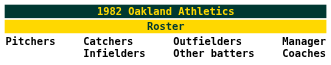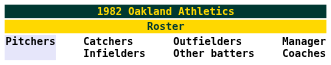 <table class="toccolours" style="font-size: 95%;">
 <tr>
 <th colspan="10" style="background-color: #003831; color: #FFD800; text-align: center;">1982 Oakland Athletics</th>
 </tr>
 <tr>
 <td colspan="10" style="background-color: #FFD800; color: #003831; text-align: center;"><strong>Roster</strong></td>
 </tr>
 <tr>
-<td valign="top"><strong>Pitchers</strong><br>                </td>
+<td valign="top" style="background: lavender;"><strong>Pitchers</strong><br>                </td>
 <td width="25px"></td>
 <td valign="top"><strong>Catchers</strong><br>   <strong>Infielders</strong>             </td>
 <td width="25px"></td>
 <td valign="top"><strong>Outfielders</strong><br>      <strong>Other batters</strong>    </td>
 <td width="25px"></td>
 <td valign="top"><strong>Manager</strong><br> <strong>Coaches</strong>     </td>
 </tr>
 </table>
